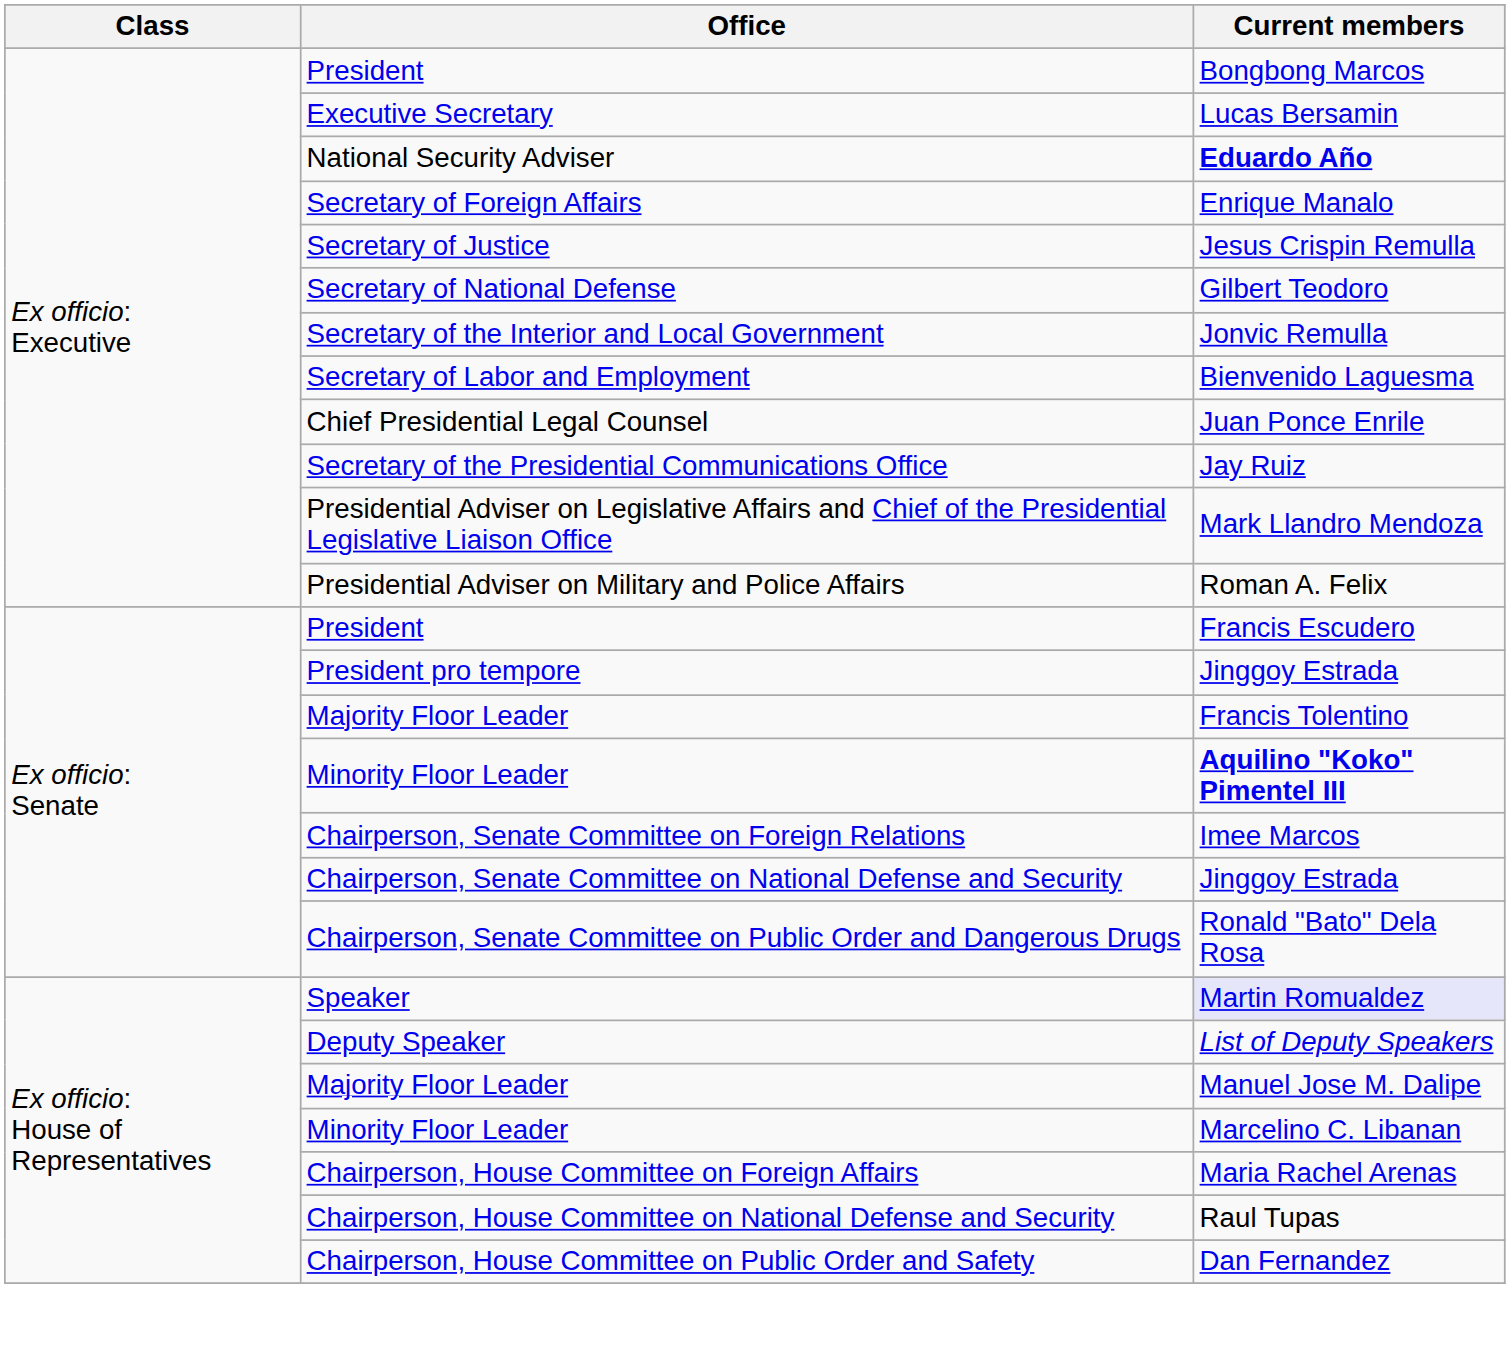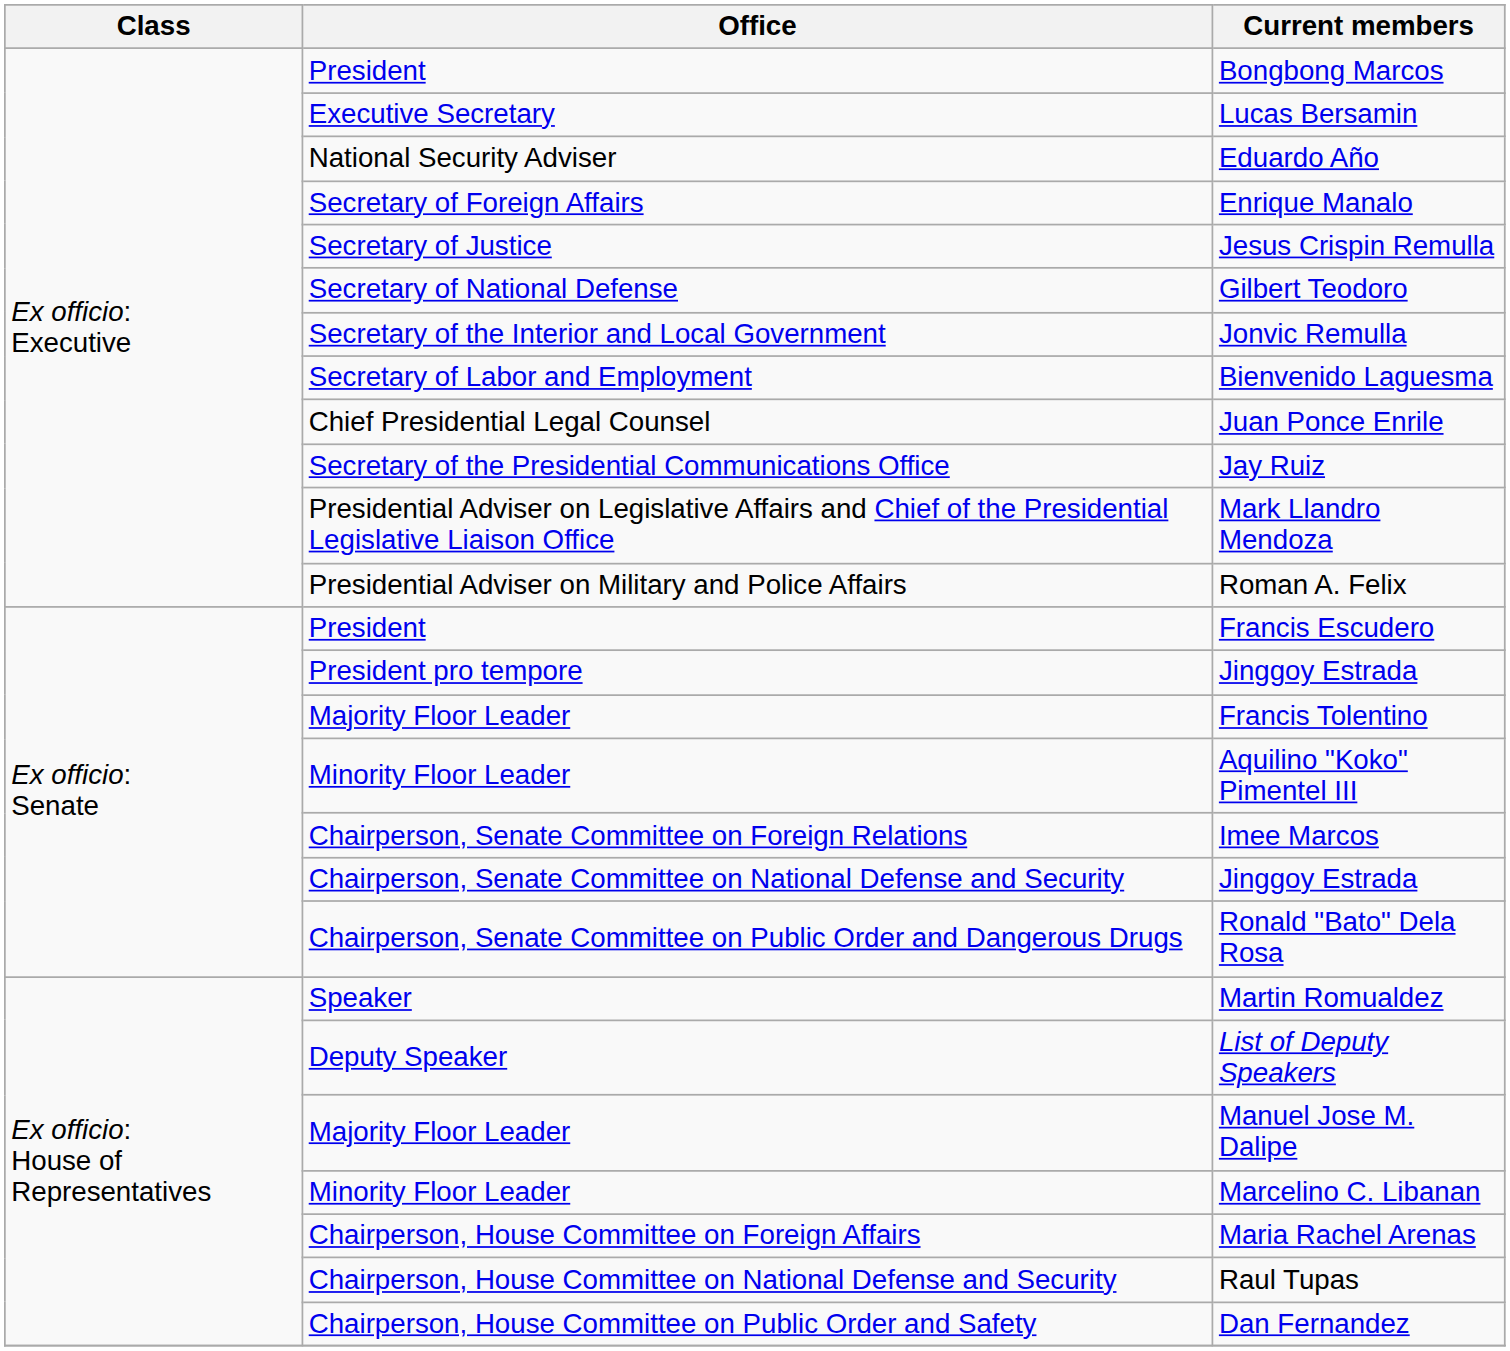 <table class="wikitable">
 <tr>
 <th>Class</th>
 <th>Office</th>
 <th>Current members</th>
 </tr>
 <tr>
 <td rowspan="12"><em>Ex officio</em>:<br>Executive</td>
 <td><a href='#'>President</a></td>
 <td><a href='#'>Bongbong Marcos</a></td>
 </tr>
 <tr>
 <td><a href='#'>Executive Secretary</a></td>
 <td><a href='#'>Lucas Bersamin</a></td>
 </tr>
 <tr>
 <td>National Security Adviser</td>
-<td><strong><a href='#'>Eduardo Año</a></strong></td>
+<td><a href='#'>Eduardo Año</a></td>
 </tr>
 <tr>
 <td><a href='#'>Secretary of Foreign Affairs</a></td>
 <td><a href='#'>Enrique Manalo</a></td>
 </tr>
 <tr>
 <td><a href='#'>Secretary of Justice</a></td>
 <td><a href='#'>Jesus Crispin Remulla</a></td>
 </tr>
 <tr>
 <td><a href='#'>Secretary of National Defense</a></td>
 <td><a href='#'>Gilbert Teodoro</a></td>
 </tr>
 <tr>
 <td><a href='#'>Secretary of the Interior and Local Government</a></td>
 <td><a href='#'>Jonvic Remulla</a></td>
 </tr>
 <tr>
 <td><a href='#'>Secretary of Labor and Employment</a></td>
 <td><a href='#'>Bienvenido Laguesma</a></td>
 </tr>
 <tr>
 <td>Chief Presidential Legal Counsel</td>
 <td><a href='#'>Juan Ponce Enrile</a></td>
 </tr>
 <tr>
 <td><a href='#'>Secretary of the Presidential Communications Office</a></td>
 <td><a href='#'>Jay Ruiz</a></td>
 </tr>
 <tr>
 <td>Presidential Adviser on Legislative Affairs and <a href='#'>Chief of the Presidential Legislative Liaison Office</a></td>
 <td><a href='#'>Mark Llandro Mendoza</a></td>
 </tr>
 <tr>
 <td>Presidential Adviser on Military and Police Affairs</td>
 <td>Roman A. Felix</td>
 </tr>
 <tr>
 <td rowspan="7"><em>Ex officio</em>:<br>Senate</td>
 <td><a href='#'>President</a></td>
 <td><a href='#'>Francis Escudero</a></td>
 </tr>
 <tr>
 <td><a href='#'>President pro tempore</a></td>
 <td><a href='#'>Jinggoy Estrada</a></td>
 </tr>
 <tr>
 <td><a href='#'>Majority Floor Leader</a></td>
 <td><a href='#'>Francis Tolentino</a></td>
 </tr>
 <tr>
 <td><a href='#'>Minority Floor Leader</a></td>
-<td><strong><a href='#'>Aquilino "Koko" Pimentel III</a></strong></td>
+<td><a href='#'>Aquilino "Koko" Pimentel III</a></td>
 </tr>
 <tr>
 <td><a href='#'>Chairperson, Senate Committee on Foreign Relations</a></td>
 <td><a href='#'>Imee Marcos</a></td>
 </tr>
 <tr>
 <td><a href='#'>Chairperson, Senate Committee on National Defense and Security</a></td>
 <td><a href='#'>Jinggoy Estrada</a></td>
 </tr>
 <tr>
 <td><a href='#'>Chairperson, Senate Committee on Public Order and Dangerous Drugs</a></td>
 <td><a href='#'>Ronald "Bato" Dela Rosa</a></td>
 </tr>
 <tr>
 <td rowspan=7><em>Ex officio</em>:<br>House of Representatives</td>
 <td><a href='#'>Speaker</a></td>
-<td style="background: lavender;"><a href='#'>Martin Romualdez</a></td>
+<td><a href='#'>Martin Romualdez</a></td>
 </tr>
 <tr>
 <td><a href='#'>Deputy Speaker</a></td>
 <td><a href='#'><em>List of Deputy Speakers</em></a></td>
 </tr>
 <tr>
 <td><a href='#'>Majority Floor Leader</a></td>
 <td><a href='#'>Manuel Jose M. Dalipe</a></td>
 </tr>
 <tr>
 <td><a href='#'>Minority Floor Leader</a></td>
 <td><a href='#'>Marcelino C. Libanan</a></td>
 </tr>
 <tr>
 <td><a href='#'>Chairperson, House Committee on Foreign Affairs</a></td>
 <td><a href='#'>Maria Rachel Arenas</a></td>
 </tr>
 <tr>
 <td><a href='#'>Chairperson, House Committee on National Defense and Security</a></td>
 <td>Raul Tupas</td>
 </tr>
 <tr>
 <td><a href='#'>Chairperson, House Committee on Public Order and Safety</a></td>
 <td><a href='#'>Dan Fernandez</a></td>
 </tr>
 <tr>
 </tr>
 </table>
